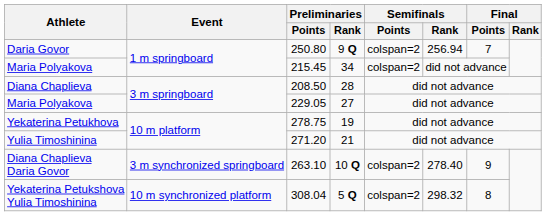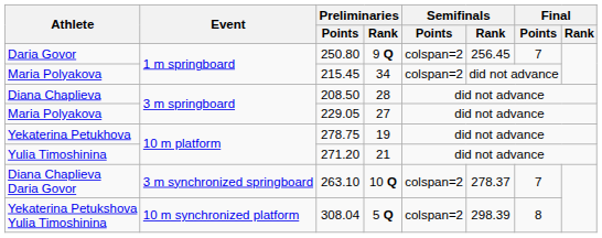 <table class=wikitable style="font-size:90%;">
 <tr>
 <th rowspan="2">Athlete</th>
 <th rowspan="2">Event</th>
 <th colspan="2">Preliminaries</th>
 <th colspan="2">Semifinals</th>
 <th colspan="2">Final</th>
 </tr>
 <tr style="font-size:95%">
 <th>Points</th>
 <th>Rank</th>
 <th>Points</th>
 <th>Rank</th>
 <th>Points</th>
 <th>Rank</th>
 </tr>
 <tr align=center>
 <td align=left><a href='#'>Daria Govor</a></td>
 <td align=left rowspan=2><a href='#'>1 m springboard</a></td>
 <td>250.80</td>
 <td>9 <strong>Q</strong></td>
 <td>colspan=2 </td>
-<td>256.94</td>
+<td>256.45</td>
 <td>7</td>
 </tr>
 <tr align=center>
 <td align=left><a href='#'>Maria Polyakova</a></td>
 <td>215.45</td>
 <td>34</td>
 <td>colspan=2 </td>
 <td colspan=2>did not advance</td>
 </tr>
 <tr align=center>
 <td align=left><a href='#'>Diana Chaplieva</a></td>
 <td align=left rowspan=2><a href='#'>3 m springboard</a></td>
 <td>208.50</td>
 <td>28</td>
 <td colspan=4>did not advance</td>
 </tr>
 <tr align=center>
 <td align=left><a href='#'>Maria Polyakova</a></td>
 <td>229.05</td>
 <td>27</td>
 <td colspan=4>did not advance</td>
 </tr>
 <tr align=center>
 <td align=left><a href='#'>Yekaterina Petukhova</a></td>
 <td align=left rowspan=2><a href='#'>10 m platform</a></td>
 <td>278.75</td>
 <td>19</td>
 <td colspan=4>did not advance</td>
 </tr>
 <tr align=center>
 <td align=left><a href='#'>Yulia Timoshinina</a></td>
 <td>271.20</td>
 <td>21</td>
 <td colspan=4>did not advance</td>
 </tr>
 <tr align=center>
 <td align=left><a href='#'>Diana Chaplieva</a><br><a href='#'>Daria Govor</a></td>
 <td align=left><a href='#'>3 m synchronized springboard</a></td>
 <td>263.10</td>
 <td>10 <strong>Q</strong></td>
 <td>colspan=2 </td>
-<td>278.40</td>
-<td>9</td>
+<td>278.37</td>
+<td>7</td>
 </tr>
 <tr align=center>
 <td align=left><a href='#'>Yekaterina Petukshova</a><br><a href='#'>Yulia Timoshinina</a></td>
 <td align=left><a href='#'>10 m synchronized platform</a></td>
 <td>308.04</td>
 <td>5 <strong>Q</strong></td>
 <td>colspan=2 </td>
-<td>298.32</td>
+<td>298.39</td>
 <td>8</td>
 </tr>
 </table>
